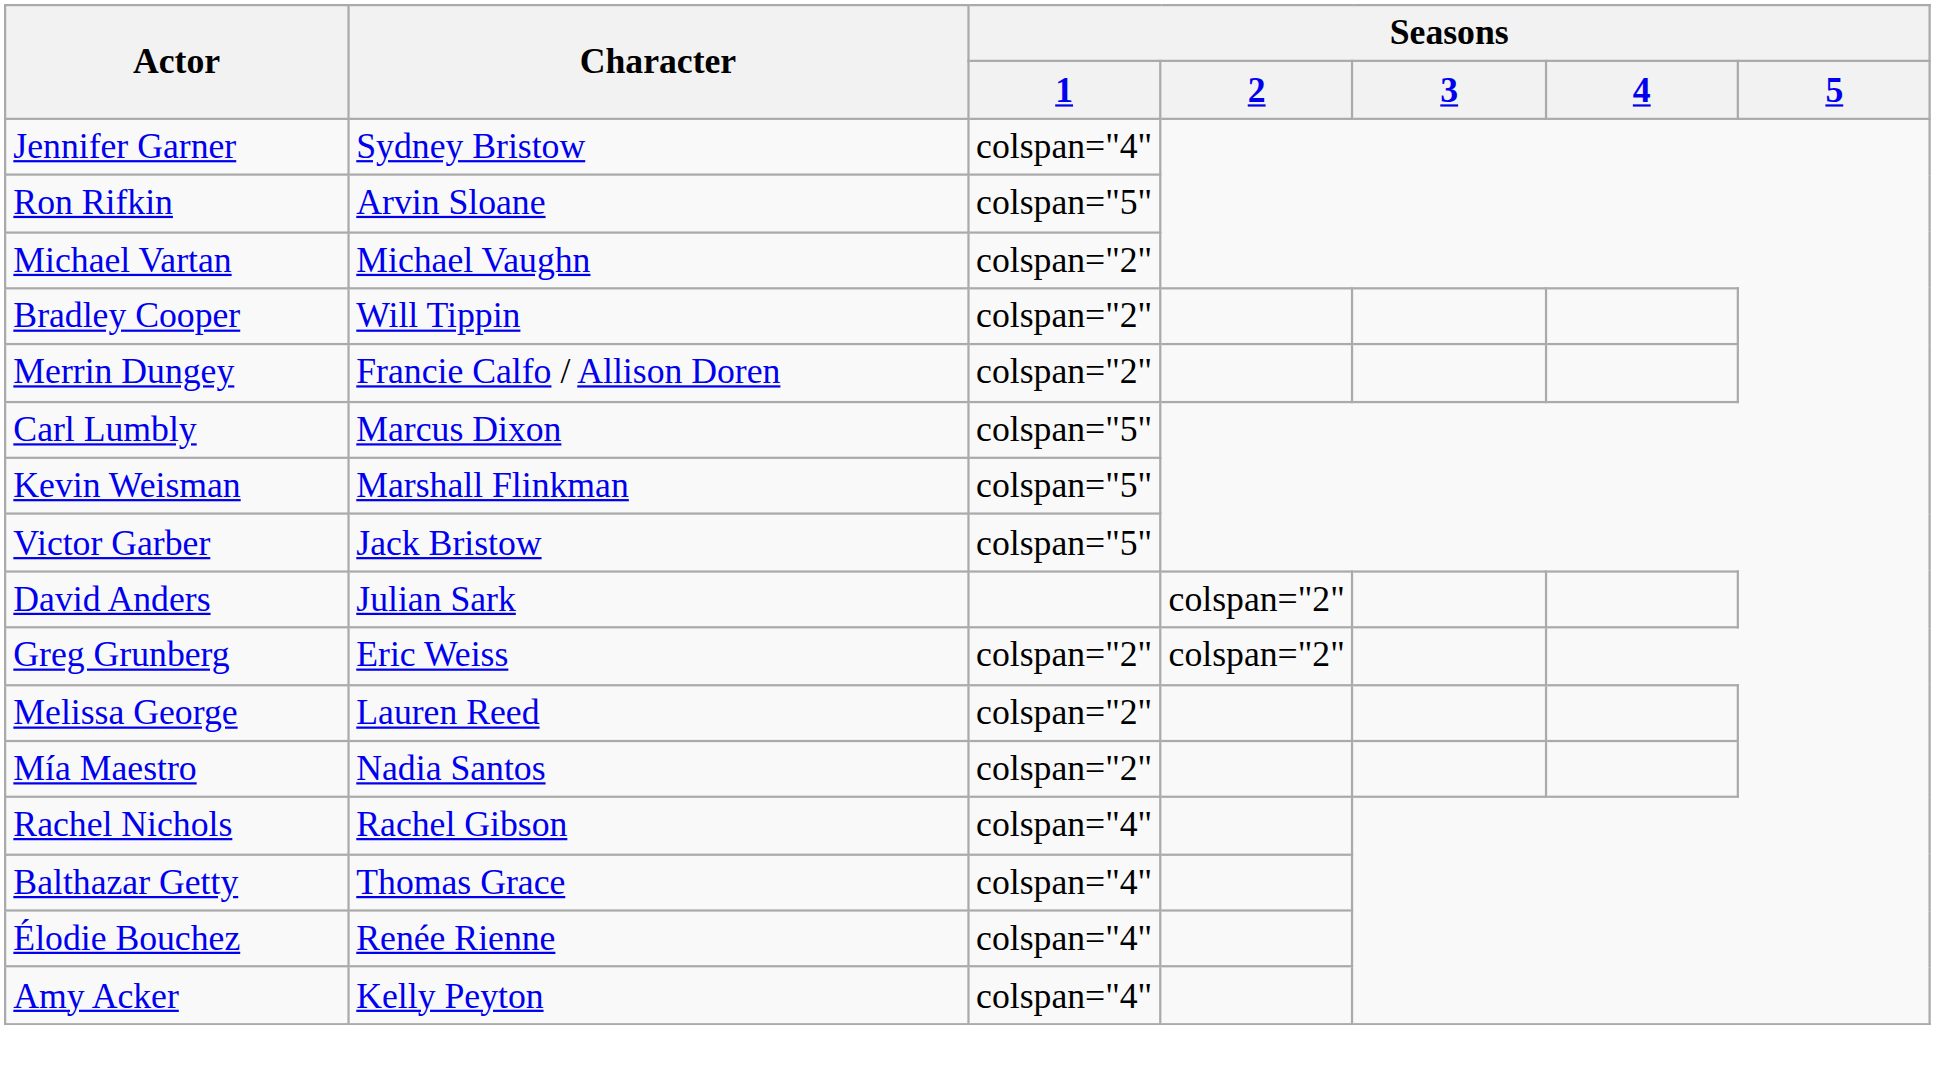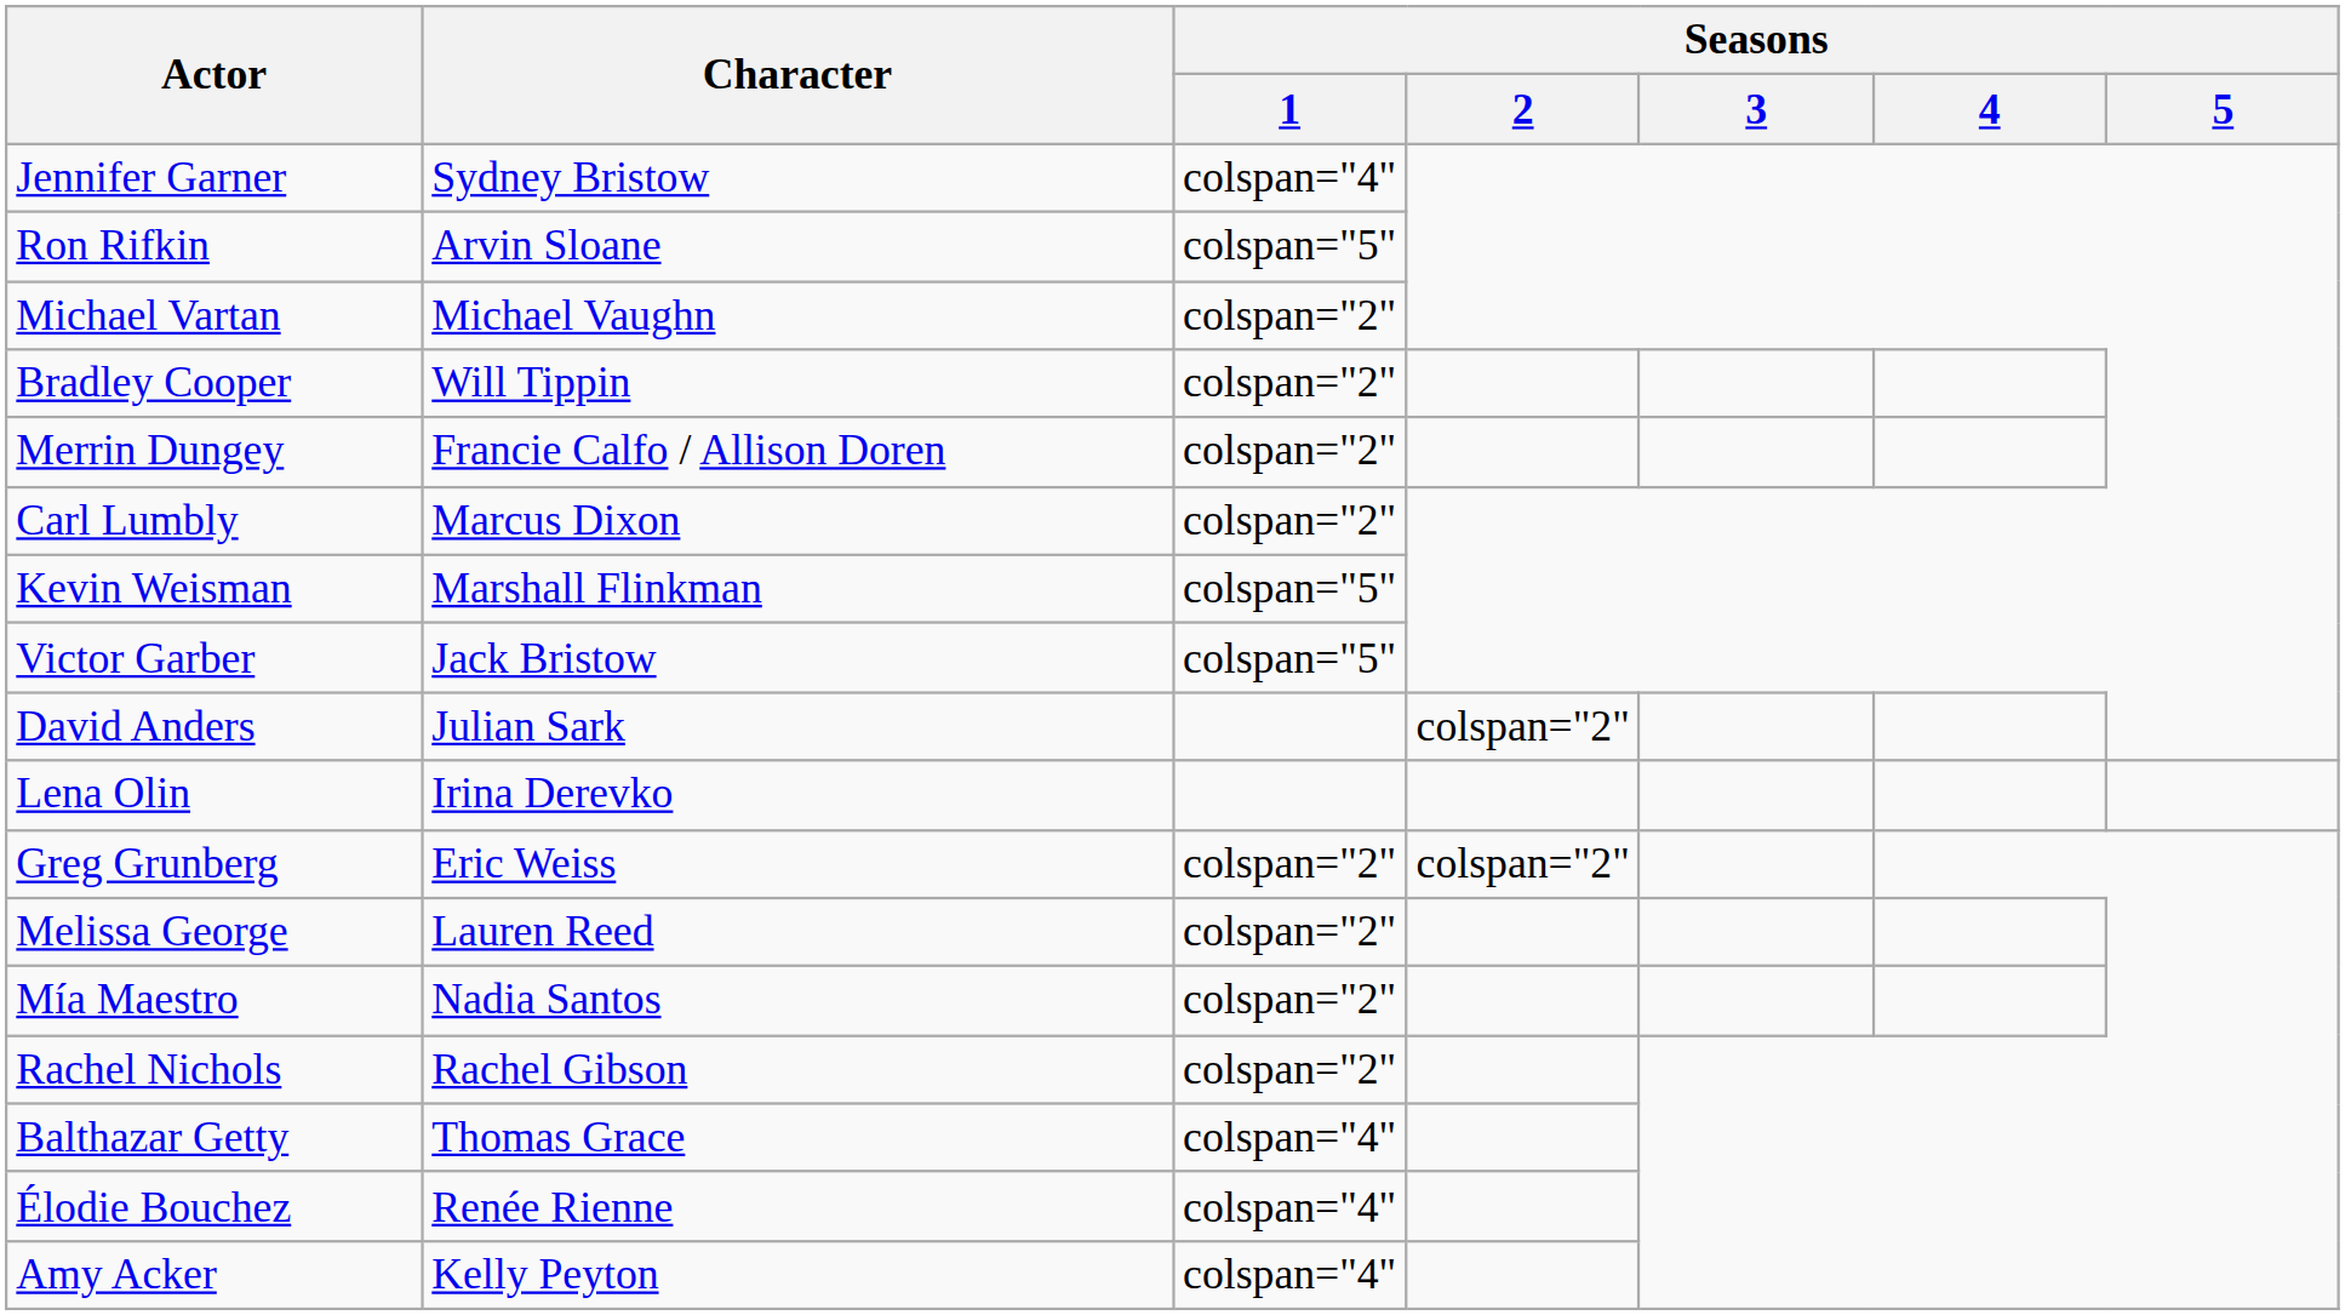 <table class="wikitable">
 <tr>
 <th rowspan="2">Actor</th>
 <th rowspan="2">Character</th>
 <th colspan="5">Seasons</th>
 </tr>
 <tr>
 <th style="width:10%;"><a href='#'>1</a></th>
 <th style="width:10%;"><a href='#'>2</a></th>
 <th style="width:10%;"><a href='#'>3</a></th>
 <th style="width:10%;"><a href='#'>4</a></th>
 <th style="width:10%;"><a href='#'>5</a></th>
 </tr>
 <tr>
 <td><a href='#'>Jennifer Garner</a></td>
 <td><a href='#'>Sydney Bristow</a></td>
 <td>colspan="4" </td>
 </tr>
 <tr>
 <td><a href='#'>Ron Rifkin</a></td>
 <td><a href='#'>Arvin Sloane</a></td>
 <td>colspan="5" </td>
 </tr>
 <tr>
 <td><a href='#'>Michael Vartan</a></td>
 <td><a href='#'>Michael Vaughn</a></td>
 <td>colspan="2" </td>
 </tr>
 <tr>
 <td><a href='#'>Bradley Cooper</a></td>
 <td><a href='#'>Will Tippin</a></td>
 <td>colspan="2" </td>
 <td></td>
 <td></td>
 <td></td>
 </tr>
 <tr>
 <td><a href='#'>Merrin Dungey</a></td>
 <td><a href='#'>Francie Calfo</a> / <a href='#'>Allison Doren</a></td>
 <td>colspan="2" </td>
 <td></td>
 <td></td>
 <td></td>
 </tr>
 <tr>
 <td><a href='#'>Carl Lumbly</a></td>
 <td><a href='#'>Marcus Dixon</a></td>
-<td>colspan="5" </td>
+<td>colspan="2" </td>
 </tr>
 <tr>
 <td><a href='#'>Kevin Weisman</a></td>
 <td><a href='#'>Marshall Flinkman</a></td>
 <td>colspan="5" </td>
 </tr>
 <tr>
 <td><a href='#'>Victor Garber</a></td>
 <td><a href='#'>Jack Bristow</a></td>
 <td>colspan="5" </td>
 </tr>
 <tr>
 <td><a href='#'>David Anders</a></td>
 <td><a href='#'>Julian Sark</a></td>
 <td></td>
 <td>colspan="2" </td>
+<td></td>
+<td></td>
+</tr>
+<tr>
+<td><a href='#'>Lena Olin</a></td>
+<td><a href='#'>Irina Derevko</a></td>
+<td></td>
+<td></td>
+<td></td>
 <td></td>
 <td></td>
 </tr>
 <tr>
 <td><a href='#'>Greg Grunberg</a></td>
 <td><a href='#'>Eric Weiss</a></td>
 <td>colspan="2" </td>
 <td>colspan="2" </td>
 <td></td>
 </tr>
 <tr>
 <td><a href='#'>Melissa George</a></td>
 <td><a href='#'>Lauren Reed</a></td>
 <td>colspan="2" </td>
 <td></td>
 <td></td>
 <td></td>
 </tr>
 <tr>
 <td><a href='#'>Mía Maestro</a></td>
 <td><a href='#'>Nadia Santos</a></td>
 <td>colspan="2" </td>
 <td></td>
 <td></td>
 <td></td>
 </tr>
 <tr>
 <td><a href='#'>Rachel Nichols</a></td>
 <td><a href='#'>Rachel Gibson</a></td>
-<td>colspan="4" </td>
+<td>colspan="2" </td>
 <td></td>
 </tr>
 <tr>
 <td><a href='#'>Balthazar Getty</a></td>
 <td><a href='#'>Thomas Grace</a></td>
 <td>colspan="4" </td>
 <td></td>
 </tr>
 <tr>
 <td><a href='#'>Élodie Bouchez</a></td>
 <td><a href='#'>Renée Rienne</a></td>
 <td>colspan="4" </td>
 <td></td>
 </tr>
 <tr>
 <td><a href='#'>Amy Acker</a></td>
 <td><a href='#'>Kelly Peyton</a></td>
 <td>colspan="4" </td>
 <td></td>
 </tr>
 </table>
